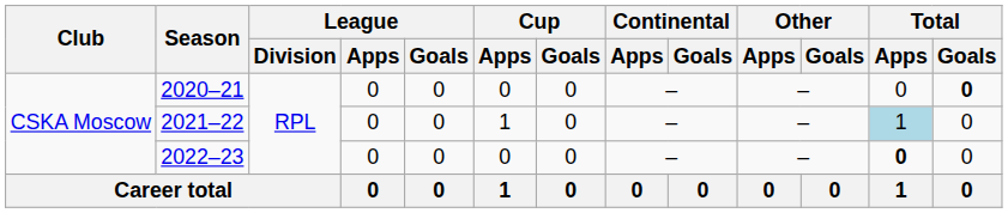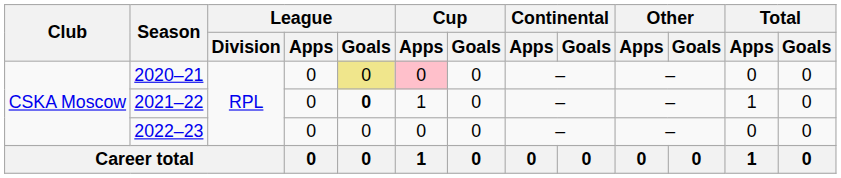 <table class="wikitable" style="text-align: center;">
 <tr>
 <th rowspan=2>Club</th>
 <th rowspan=2>Season</th>
 <th colspan=3>League</th>
 <th colspan=2>Cup</th>
 <th colspan=2>Continental</th>
 <th colspan=2>Other</th>
 <th colspan=2>Total</th>
 </tr>
 <tr>
 <th>Division</th>
 <th>Apps</th>
 <th>Goals</th>
 <th>Apps</th>
 <th>Goals</th>
 <th>Apps</th>
 <th>Goals</th>
 <th>Apps</th>
 <th>Goals</th>
 <th>Apps</th>
 <th>Goals</th>
 </tr>
 <tr>
 <td rowspan="3"><a href='#'>CSKA Moscow</a></td>
 <td><a href='#'>2020–21</a></td>
 <td rowspan="3"><a href='#'>RPL</a></td>
 <td>0</td>
-<td>0</td>
-<td>0</td>
+<td style="background: khaki;">0</td>
+<td style="background: pink;">0</td>
 <td>0</td>
 <td colspan=2>–</td>
 <td colspan=2>–</td>
 <td>0</td>
-<td><strong>0</strong></td>
+<td>0</td>
 </tr>
 <tr>
 <td><a href='#'>2021–22</a></td>
 <td>0</td>
-<td>0</td>
+<td><strong>0</strong></td>
 <td>1</td>
 <td>0</td>
 <td colspan=2>–</td>
 <td colspan=2>–</td>
-<td style="background: lightblue;">1</td>
+<td>1</td>
 <td>0</td>
 </tr>
 <tr>
 <td><a href='#'>2022–23</a></td>
 <td>0</td>
 <td>0</td>
 <td>0</td>
 <td>0</td>
 <td colspan=2>–</td>
 <td colspan=2>–</td>
-<td><strong>0</strong></td>
+<td>0</td>
 <td>0</td>
 </tr>
 <tr>
 <th colspan=3>Career total</th>
 <th>0</th>
 <th>0</th>
 <th>1</th>
 <th>0</th>
 <th>0</th>
 <th>0</th>
 <th>0</th>
 <th>0</th>
 <th>1</th>
 <th>0</th>
 </tr>
 </table>
